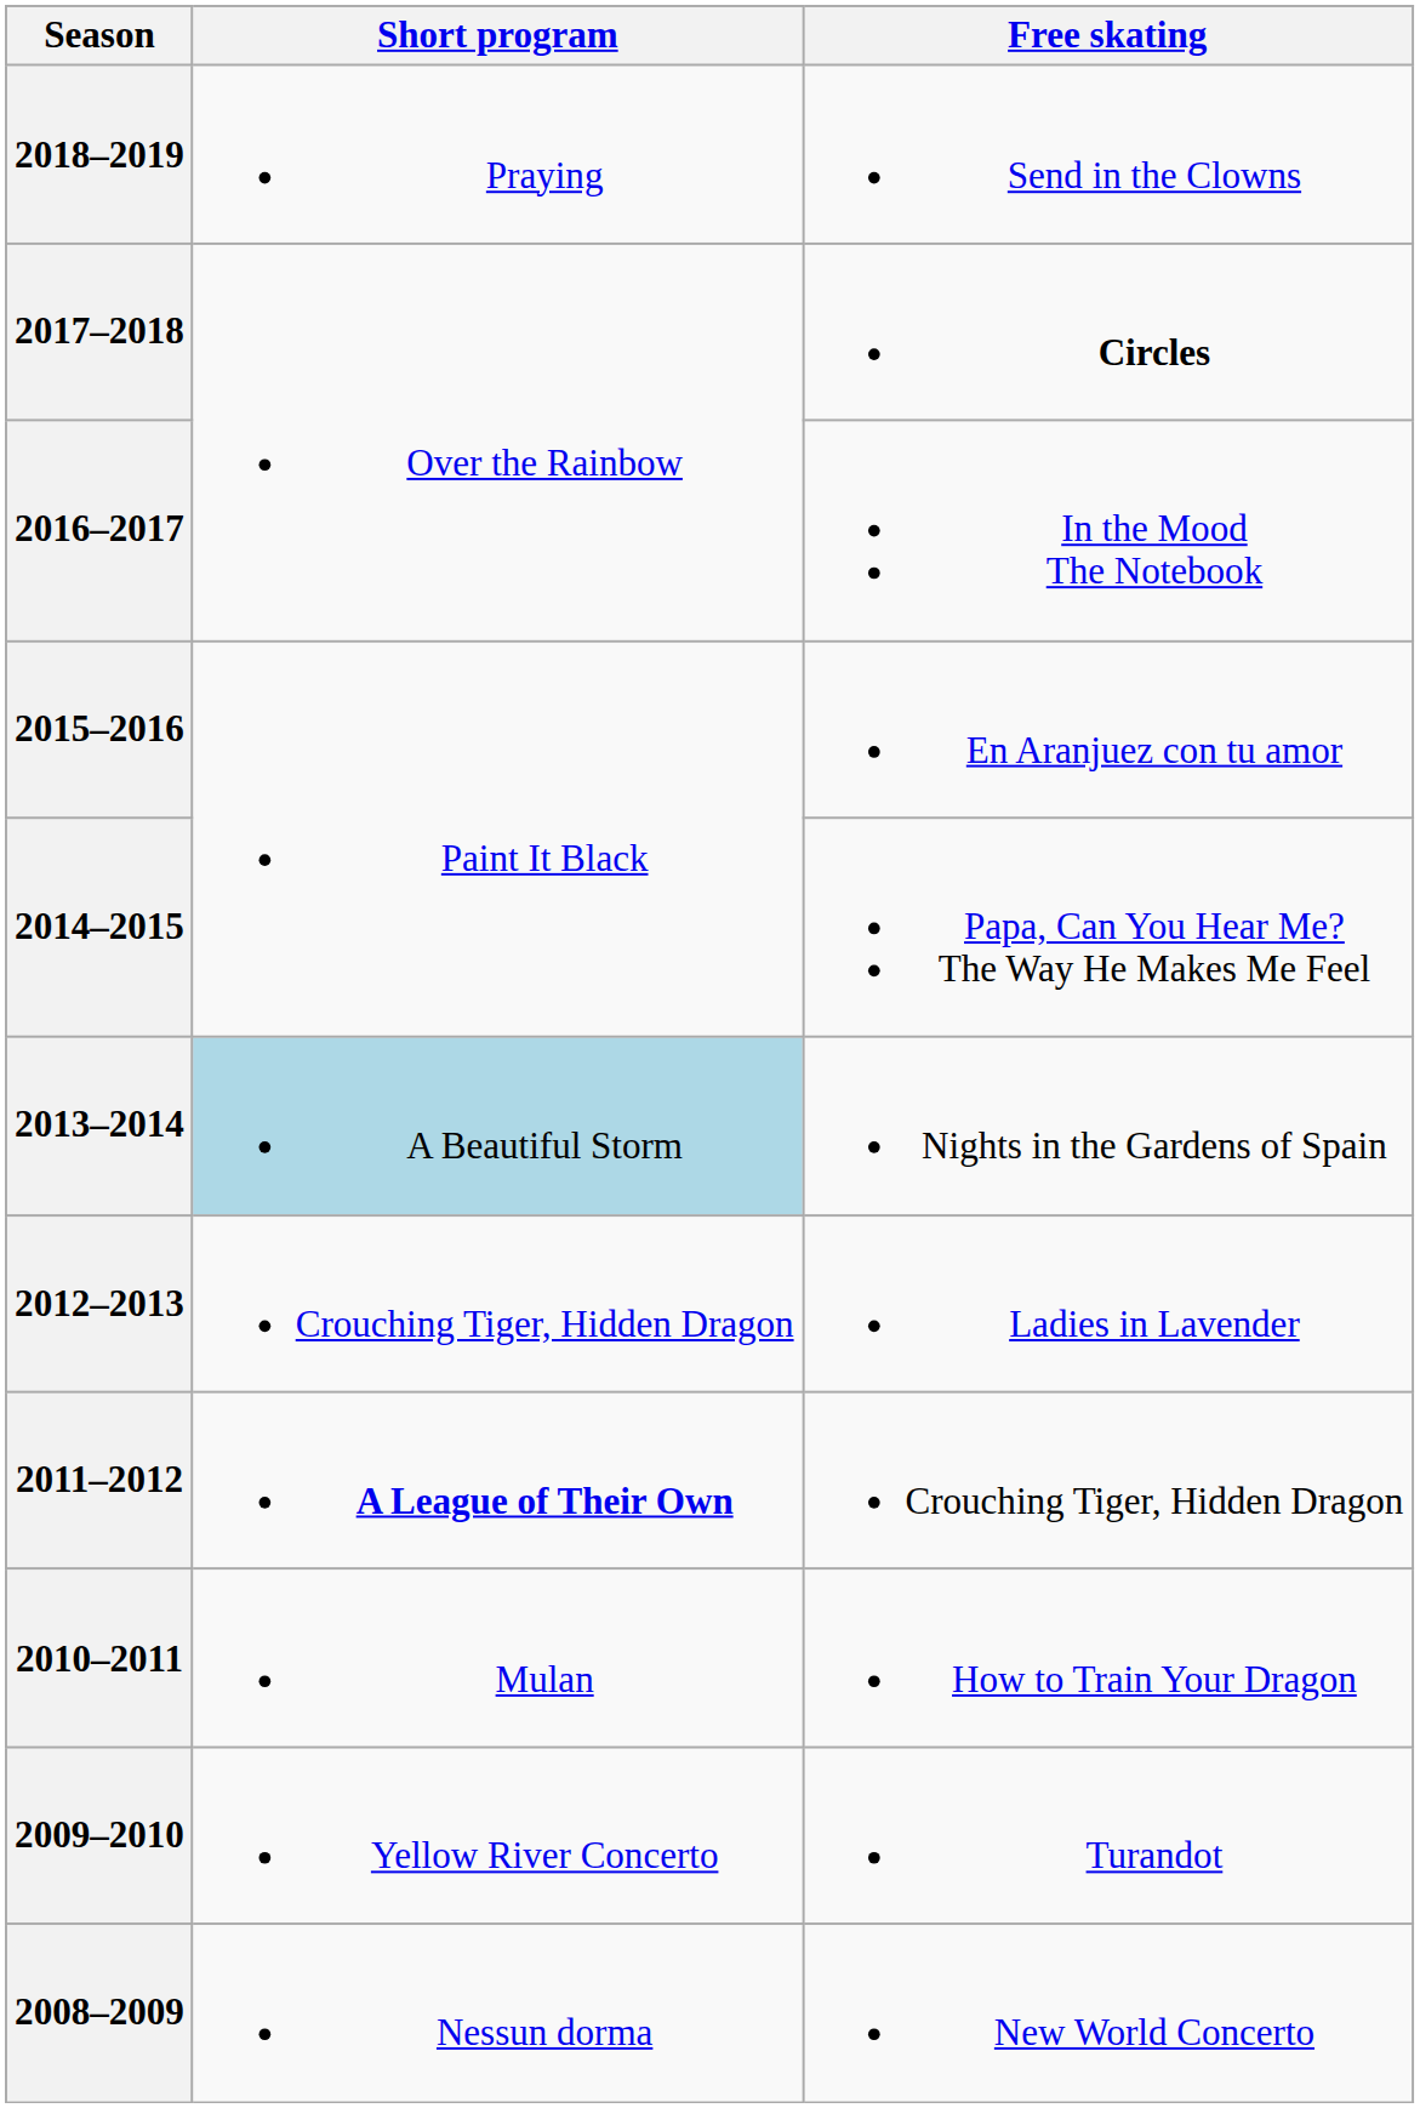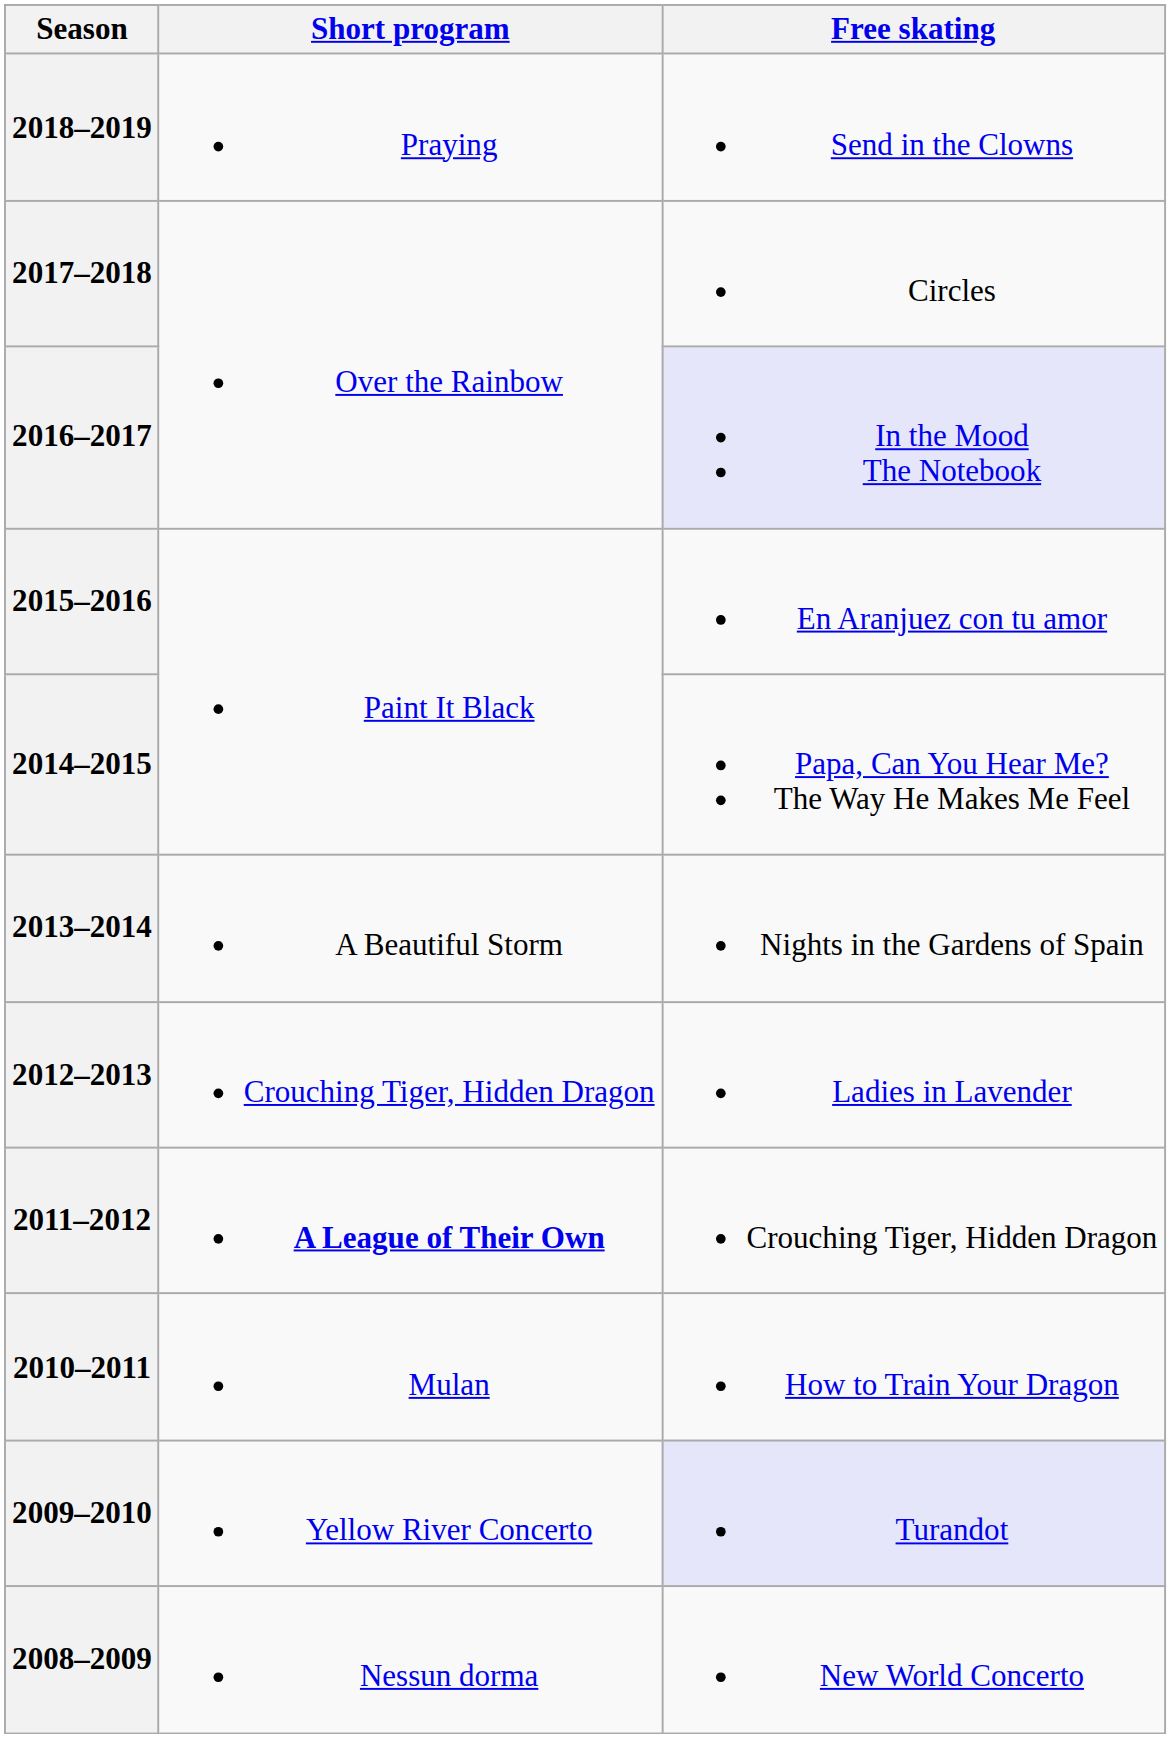 <table class="wikitable" style="text-align:center">
 <tr>
 <th>Season</th>
 <th><a href='#'>Short program</a></th>
 <th><a href='#'>Free skating</a></th>
 </tr>
 <tr>
 <th>2018–2019 <br> </th>
 <td><br><ul><li><a href='#'>Praying</a> <br></li></ul></td>
 <td><br><ul><li><a href='#'>Send in the Clowns</a> <br></li></ul></td>
 </tr>
 <tr>
 <th>2017–2018 <br> </th>
 <td rowspan=2><br><ul><li><a href='#'>Over the Rainbow</a> <br></li></ul></td>
-<td><strong><br><ul><li>Circles <br></li></ul></strong></td>
+<td><br><ul><li>Circles <br></li></ul></td>
 </tr>
 <tr>
 <th>2016–2017 <br> </th>
-<td><br><ul><li><a href='#'>In the Mood</a> <br></li><li><a href='#'>The Notebook</a> <br></li></ul></td>
+<td style="background: lavender;"><br><ul><li><a href='#'>In the Mood</a> <br></li><li><a href='#'>The Notebook</a> <br></li></ul></td>
 </tr>
 <tr>
 <th>2015–2016 <br> </th>
 <td rowspan=2><br><ul><li><a href='#'>Paint It Black</a> <br></li></ul></td>
 <td><br><ul><li><a href='#'>En Aranjuez con tu amor</a> <br></li></ul></td>
 </tr>
 <tr>
 <th>2014–2015 <br> </th>
 <td><br><ul><li><a href='#'>Papa, Can You Hear Me?</a> <br></li><li>The Way He Makes Me Feel <br></li></ul></td>
 </tr>
 <tr>
 <th>2013–2014 <br> </th>
-<td style="background: lightblue;"><br><ul><li>A Beautiful Storm <br></li></ul></td>
+<td><br><ul><li>A Beautiful Storm <br></li></ul></td>
 <td><br><ul><li>Nights in the Gardens of Spain <br></li></ul></td>
 </tr>
 <tr>
 <th>2012–2013 <br> </th>
 <td><br><ul><li><a href='#'>Crouching Tiger, Hidden Dragon</a> <br></li></ul></td>
 <td><br><ul><li><a href='#'>Ladies in Lavender</a> <br></li></ul></td>
 </tr>
 <tr>
 <th>2011–2012 <br> </th>
 <td><strong><br><ul><li><a href='#'>A League of Their Own</a> <br></li></ul></strong></td>
 <td><br><ul><li>Crouching Tiger, Hidden Dragon <br></li></ul></td>
 </tr>
 <tr>
 <th>2010–2011</th>
 <td><br><ul><li><a href='#'>Mulan</a> <br></li></ul></td>
 <td><br><ul><li><a href='#'>How to Train Your Dragon</a> <br></li></ul></td>
 </tr>
 <tr>
 <th>2009–2010 <br> </th>
 <td><br><ul><li><a href='#'>Yellow River Concerto</a> <br></li></ul></td>
-<td><br><ul><li><a href='#'>Turandot</a> <br></li></ul></td>
+<td style="background: lavender;"><br><ul><li><a href='#'>Turandot</a> <br></li></ul></td>
 </tr>
 <tr>
 <th>2008–2009 <br> </th>
 <td><br><ul><li><a href='#'>Nessun dorma</a> <br></li></ul></td>
 <td><br><ul><li><a href='#'>New World Concerto</a> <br></li></ul></td>
 </tr>
 </table>
